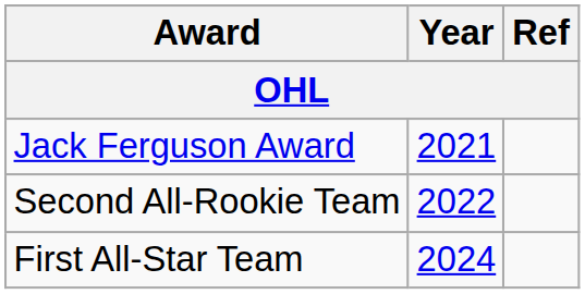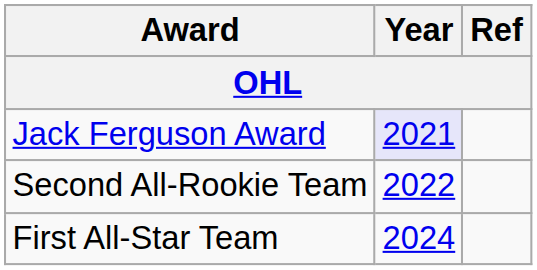 <table class="wikitable">
 <tr>
 <th>Award</th>
 <th>Year</th>
 <th>Ref</th>
 </tr>
 <tr>
 <th colspan="3"><a href='#'>OHL</a></th>
 </tr>
 <tr>
 <td><a href='#'>Jack Ferguson Award</a></td>
-<td><a href='#'>2021</a></td>
+<td style="background: lavender;"><a href='#'>2021</a></td>
 <td></td>
 </tr>
 <tr>
 <td>Second All-Rookie Team</td>
 <td><a href='#'>2022</a></td>
 <td></td>
 </tr>
 <tr>
 <td>First All-Star Team</td>
 <td><a href='#'>2024</a></td>
 <td></td>
 </tr>
 </table>
